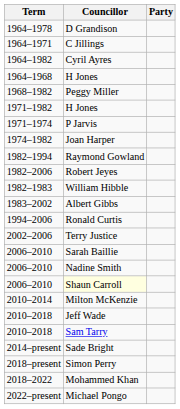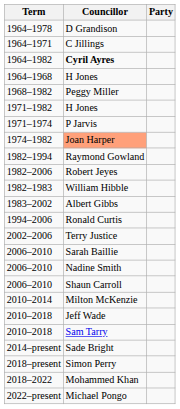 <table class="wikitable">
 <tr>
 <th>Term</th>
 <th>Councillor</th>
 <th colspan=2>Party</th>
 </tr>
 <tr>
 <td>1964–1978</td>
 <td>D Grandison</td>
 <td></td>
 </tr>
 <tr>
 <td>1964–1971</td>
 <td>C Jillings</td>
 <td></td>
 </tr>
 <tr>
 <td>1964–1982</td>
-<td>Cyril Ayres</td>
+<td><strong>Cyril Ayres</strong></td>
 <td></td>
 </tr>
 <tr>
 <td>1964–1968</td>
 <td>H Jones</td>
 <td></td>
 </tr>
 <tr>
 <td>1968–1982</td>
 <td>Peggy Miller</td>
 <td></td>
 </tr>
 <tr>
 <td>1971–1982</td>
 <td>H Jones</td>
 <td></td>
 </tr>
 <tr>
 <td>1971–1974</td>
 <td>P Jarvis</td>
 <td></td>
 </tr>
 <tr>
 <td>1974–1982</td>
-<td>Joan Harper</td>
+<td style="background: lightsalmon;">Joan Harper</td>
 <td></td>
 </tr>
 <tr>
 <td>1982–1994</td>
 <td>Raymond Gowland</td>
 <td></td>
 </tr>
 <tr>
 <td>1982–2006</td>
 <td>Robert Jeyes</td>
 <td></td>
 </tr>
 <tr>
 <td>1982–1983</td>
 <td>William Hibble</td>
 <td></td>
 </tr>
 <tr>
 <td>1983–2002</td>
 <td>Albert Gibbs</td>
 <td></td>
 </tr>
 <tr>
 <td>1994–2006</td>
 <td>Ronald Curtis</td>
 <td></td>
 </tr>
 <tr>
 <td>2002–2006</td>
 <td>Terry Justice</td>
 <td></td>
 </tr>
 <tr>
 <td>2006–2010</td>
 <td>Sarah Baillie</td>
 <td></td>
 </tr>
 <tr>
 <td>2006–2010</td>
 <td>Nadine Smith</td>
 <td></td>
 </tr>
 <tr>
 <td>2006–2010</td>
-<td style="background: lightyellow;">Shaun Carroll</td>
+<td>Shaun Carroll</td>
 <td></td>
 </tr>
 <tr>
 <td>2010–2014</td>
 <td>Milton McKenzie</td>
 <td></td>
 </tr>
 <tr>
 <td>2010–2018</td>
 <td>Jeff Wade</td>
 <td></td>
 </tr>
 <tr>
 <td>2010–2018</td>
 <td><a href='#'>Sam Tarry</a></td>
 <td></td>
 </tr>
 <tr>
 <td>2014–present</td>
 <td>Sade Bright</td>
 <td></td>
 </tr>
 <tr>
 <td>2018–present</td>
 <td>Simon Perry</td>
 <td></td>
 </tr>
 <tr>
 <td>2018–2022</td>
 <td>Mohammed Khan</td>
 <td></td>
 </tr>
 <tr>
 <td>2022–present</td>
 <td>Michael Pongo</td>
 <td></td>
 </tr>
 </table>
